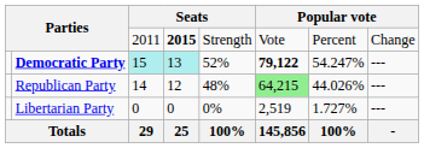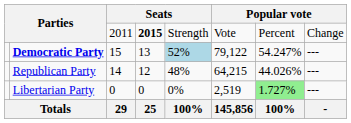 <table class="wikitable">
 <tr>
 <th colspan="2" rowspan="2">Parties</th>
 <th colspan="3">Seats</th>
 <th colspan="3">Popular vote</th>
 </tr>
 <tr>
 <td>2011</td>
 <td><strong>2015</strong></td>
 <td>Strength</td>
 <td>Vote</td>
 <td>Percent</td>
 <td>Change</td>
 </tr>
 <tr>
 <td></td>
 <td><strong><a href='#'>Democratic Party</a></strong></td>
-<td style="background: paleturquoise;">15</td>
-<td style="background: paleturquoise;">13</td>
-<td>52%</td>
-<td><strong>79,122</strong></td>
+<td>15</td>
+<td>13</td>
+<td style="background: lightblue;">52%</td>
+<td>79,122</td>
 <td>54.247%</td>
 <td>---</td>
 </tr>
 <tr>
 <td></td>
 <td><a href='#'>Republican Party</a></td>
 <td>14</td>
 <td>12</td>
 <td>48%</td>
-<td style="background: lightgreen;">64,215</td>
+<td>64,215</td>
 <td>44.026%</td>
 <td>---</td>
 </tr>
 <tr>
 <td></td>
 <td><a href='#'>Libertarian Party</a></td>
 <td>0</td>
 <td>0</td>
 <td>0%</td>
 <td>2,519</td>
-<td>1.727%</td>
+<td style="background: lightgreen;">1.727%</td>
 <td>---</td>
 </tr>
 <tr>
 <th colspan="2">Totals</th>
 <th>29</th>
 <th>25</th>
 <th>100%</th>
 <th>145,856</th>
 <th>100%</th>
 <th>-</th>
 </tr>
 </table>
